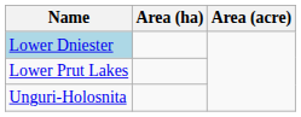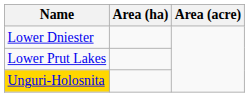 <table class="wikitable">
 <tr>
 <th scope="col" align=left>Name</th>
 <th scope="col">Area (ha)</th>
 <th scope="col">Area (acre)</th>
 </tr>
 <tr ---->
-<td style="background: lightblue;"><a href='#'>Lower Dniester</a></td>
+<td><a href='#'>Lower Dniester</a></td>
 <td></td>
 </tr>
 <tr ---->
 <td><a href='#'>Lower Prut Lakes</a></td>
 <td></td>
 </tr>
 <tr ---->
-<td><a href='#'>Unguri-Holosnita</a></td>
+<td style="background: gold;"><a href='#'>Unguri-Holosnita</a></td>
 <td></td>
 </tr>
 </table>
